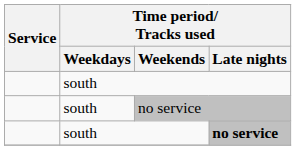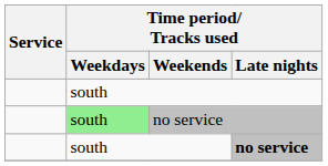 <table class="wikitable">
 <tr>
 <th rowspan=2>Service</th>
 <th colspan=3>Time period/<br>Tracks used</th>
 </tr>
 <tr>
 <th>Weekdays</th>
 <th>Weekends</th>
 <th>Late nights</th>
 </tr>
 <tr>
 <td></td>
 <td colspan=3>south</td>
 </tr>
 <tr>
 <td></td>
-<td>south</td>
+<td style="background: lightgreen;">south</td>
 <td colspan=2 bgcolor=silver>no service</td>
 </tr>
 <tr>
 <td></td>
 <td colspan=2>south</td>
 <td bgcolor=silver><strong>no service</strong></td>
 </tr>
 <tr>
 </tr>
 </table>
